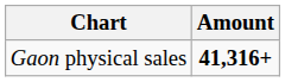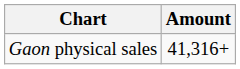 <table class="wikitable">
 <tr>
 <th>Chart</th>
 <th>Amount</th>
 </tr>
 <tr>
 <td><em>Gaon</em> physical sales</td>
-<td align="center"><strong>41,316+</strong></td>
+<td align="center">41,316+</td>
 </tr>
 </table>
